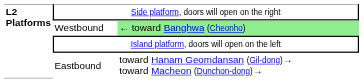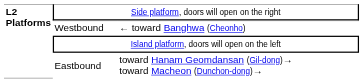 <table table border=0 cellspacing=0 cellpadding=3>
 <tr>
 <td style="border-top:solid 1px gray;border-bottom:solid 1px gray;" width=50 rowspan=10 valign=top><strong>L2<br>Platforms</strong></td>
 <td style="border-top:solid 1px gray;border-right:solid 2px black;border-left:solid 2px black;border-bottom:solid 2px black;text-align:center;" colspan=2><small><a href='#'>Side platform</a>, doors will open on the right</small></td>
 </tr>
 <tr>
 <td style="border-bottom:solid 0px gray;border-top:solid 1px gray;" width=100>Westbound</td>
-<td style="background: lightgreen; border-bottom:solid 0px gray;border-top:solid 1px gray;" width=390>←  toward <a href='#'>Banghwa</a> <small>(<a href='#'>Cheonho</a>)</small></td>
+<td style="border-bottom:solid 0px gray;border-top:solid 1px gray;" width=390>←  toward <a href='#'>Banghwa</a> <small>(<a href='#'>Cheonho</a>)</small></td>
 </tr>
 <tr>
 <td style="border-top:solid 2px black;border-right:solid 2px black;border-left:solid 2px black;border-bottom:solid 2px black;text-align:center;" colspan=2><small><a href='#'>Island platform</a>, doors will open on the left</small></td>
 </tr>
 <tr>
 <td>Eastbound</td>
 <td>  toward <a href='#'>Hanam Geomdansan</a> <small>(<a href='#'>Gil-dong</a>)</small>→<br>  toward <a href='#'>Macheon</a> <small>(<a href='#'>Dunchon-dong</a>)</small>→</td>
 </tr>
 </table>
